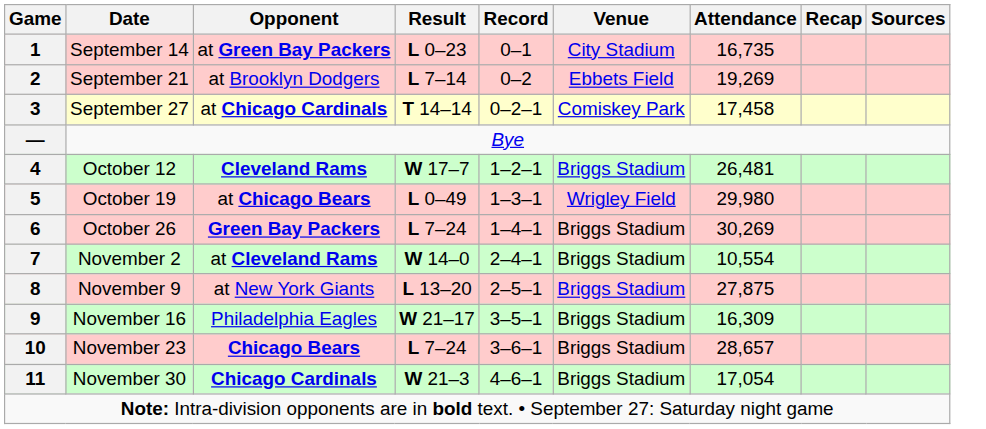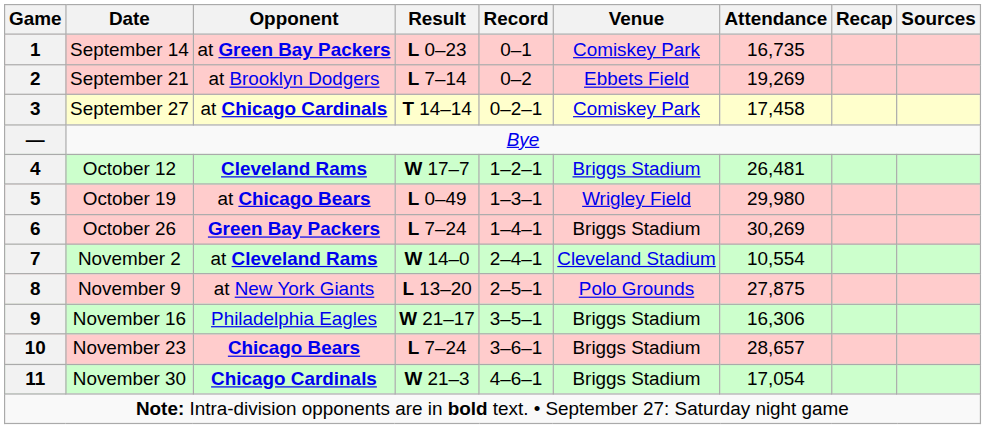 <table class="wikitable" style="text-align:center">
 <tr>
 <th>Game</th>
 <th>Date</th>
 <th>Opponent</th>
 <th>Result</th>
 <th>Record</th>
 <th>Venue</th>
 <th>Attendance</th>
 <th>Recap</th>
 <th>Sources</th>
 </tr>
 <tr style="background:#fcc">
 <th>1</th>
 <td>September 14</td>
 <td>at <strong><a href='#'>Green Bay Packers</a></strong></td>
 <td><strong>L</strong> 0–23</td>
 <td>0–1</td>
-<td><a href='#'>City Stadium</a></td>
+<td><a href='#'>Comiskey Park</a></td>
 <td>16,735</td>
 <td></td>
 <td></td>
 </tr>
 <tr style="background:#fcc">
 <th>2</th>
 <td>September 21</td>
 <td>at <a href='#'>Brooklyn Dodgers</a></td>
 <td><strong>L</strong> 7–14</td>
 <td>0–2</td>
 <td><a href='#'>Ebbets Field</a></td>
 <td>19,269</td>
 <td></td>
 <td></td>
 </tr>
 <tr style="background:#ffc">
 <th>3</th>
 <td>September 27</td>
 <td>at <strong><a href='#'>Chicago Cardinals</a></strong></td>
 <td><strong>T</strong> 14–14</td>
 <td>0–2–1</td>
 <td><a href='#'>Comiskey Park</a></td>
 <td>17,458</td>
 <td></td>
 <td></td>
 </tr>
 <tr>
 <th>—</th>
 <td colspan="8"><em><a href='#'>Bye</a></em></td>
 </tr>
 <tr style="background:#cfc">
 <th>4</th>
 <td>October 12</td>
 <td><strong><a href='#'>Cleveland Rams</a></strong></td>
 <td><strong>W</strong> 17–7</td>
 <td>1–2–1</td>
 <td><a href='#'>Briggs Stadium</a></td>
 <td>26,481</td>
 <td></td>
 <td></td>
 </tr>
 <tr style="background:#fcc">
 <th>5</th>
 <td>October 19</td>
 <td>at <strong><a href='#'>Chicago Bears</a></strong></td>
 <td><strong>L</strong> 0–49</td>
 <td>1–3–1</td>
 <td><a href='#'>Wrigley Field</a></td>
 <td>29,980</td>
 <td></td>
 <td></td>
 </tr>
 <tr style="background:#fcc">
 <th>6</th>
 <td>October 26</td>
 <td><strong><a href='#'>Green Bay Packers</a></strong></td>
 <td><strong>L</strong> 7–24</td>
 <td>1–4–1</td>
 <td>Briggs Stadium</td>
 <td>30,269</td>
 <td></td>
 <td></td>
 </tr>
 <tr style="background:#cfc">
 <th>7</th>
 <td>November 2</td>
 <td>at <strong><a href='#'>Cleveland Rams</a></strong></td>
 <td><strong>W</strong> 14–0</td>
 <td>2–4–1</td>
-<td>Briggs Stadium</td>
+<td><a href='#'>Cleveland Stadium</a></td>
 <td>10,554</td>
 <td></td>
 <td></td>
 </tr>
 <tr style="background:#fcc">
 <th>8</th>
 <td>November 9</td>
 <td>at <a href='#'>New York Giants</a></td>
 <td><strong>L</strong> 13–20</td>
 <td>2–5–1</td>
-<td><a href='#'>Briggs Stadium</a></td>
+<td><a href='#'>Polo Grounds</a></td>
 <td>27,875</td>
 <td></td>
 <td></td>
 </tr>
 <tr style="background:#cfc">
 <th>9</th>
 <td>November 16</td>
 <td><a href='#'>Philadelphia Eagles</a></td>
 <td><strong>W</strong> 21–17</td>
 <td>3–5–1</td>
 <td>Briggs Stadium</td>
-<td>16,309</td>
+<td>16,306</td>
 <td></td>
 <td></td>
 </tr>
 <tr style="background:#fcc">
 <th>10</th>
 <td>November 23</td>
 <td><strong><a href='#'>Chicago Bears</a></strong></td>
 <td><strong>L</strong> 7–24</td>
 <td>3–6–1</td>
 <td>Briggs Stadium</td>
 <td>28,657</td>
 <td></td>
 <td></td>
 </tr>
 <tr style="background:#cfc">
 <th>11</th>
 <td>November 30</td>
 <td><strong><a href='#'>Chicago Cardinals</a></strong></td>
 <td><strong>W</strong> 21–3</td>
 <td>4–6–1</td>
 <td>Briggs Stadium</td>
 <td>17,054</td>
 <td></td>
 <td></td>
 </tr>
 <tr>
 <td colspan="10"><strong>Note:</strong> Intra-division opponents are in <strong>bold</strong> text. •  September 27: Saturday night game</td>
 </tr>
 </table>
